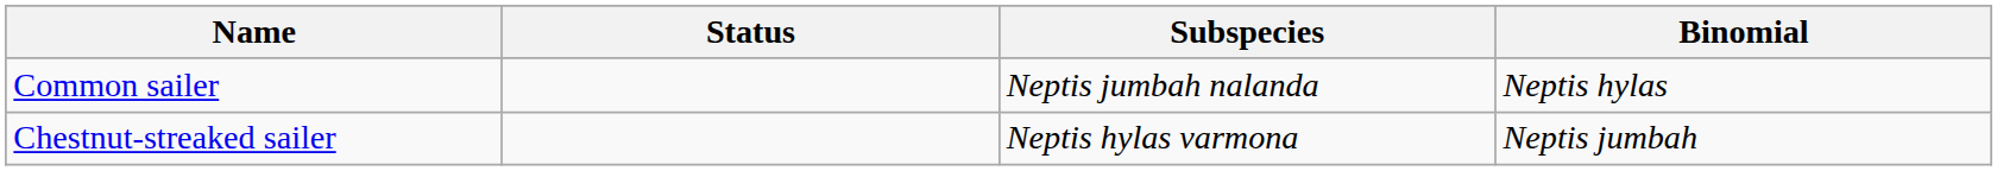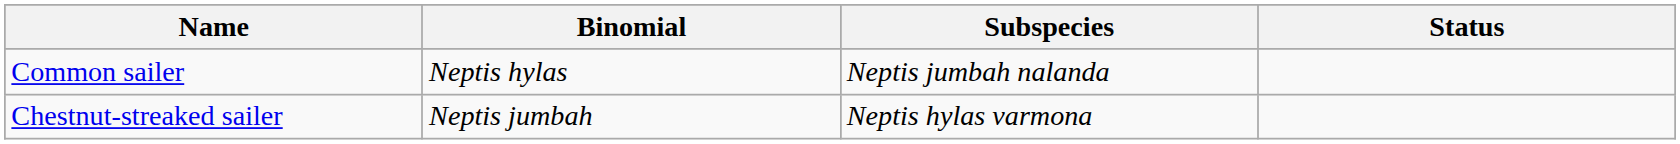 <table width=60% class="wikitable">
 <tr>
 <th width=20%>Name</th>
+<th width=20%>Binomial</th>
+<th width=20%>Subspecies</th>
 <th width=20%>Status</th>
-<th width=20%>Subspecies</th>
-<th width=20%>Binomial</th>
 </tr>
 <tr>
 <td><a href='#'>Common sailer</a><br> </td>
+<td><em>Neptis hylas</em></td>
+<td><em>Neptis jumbah nalanda</em></td>
 <td></td>
-<td><em>Neptis jumbah nalanda</em></td>
-<td><em>Neptis hylas</em></td>
 </tr>
 <tr>
 <td><a href='#'>Chestnut-streaked sailer</a><br></td>
+<td><em>Neptis jumbah</em></td>
+<td><em>Neptis hylas varmona</em></td>
 <td></td>
-<td><em>Neptis hylas varmona</em></td>
-<td><em>Neptis jumbah</em></td>
 </tr>
 </table>
